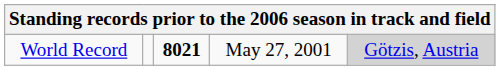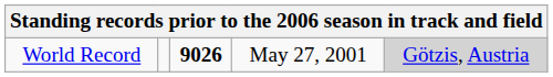 <table class="wikitable" style=" text-align:center;">
 <tr>
 <th colspan="5">Standing records prior to the 2006 season in track and field</th>
 </tr>
 <tr>
 <td><a href='#'>World Record</a></td>
 <td></td>
-<td><strong>8021</strong></td>
+<td><strong>9026</strong></td>
 <td>May 27, 2001</td>
 <td style="background: lightgrey;"> <a href='#'>Götzis</a>, <a href='#'>Austria</a></td>
 </tr>
 </table>
